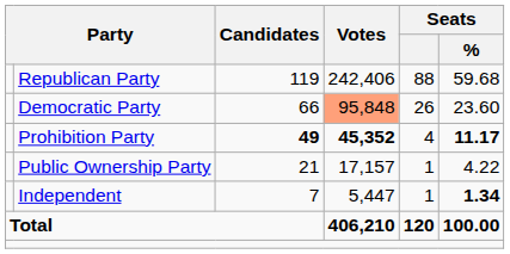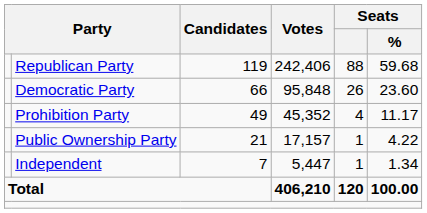 <table class="wikitable">
 <tr>
 <th colspan="2" rowspan="2">Party</th>
 <th rowspan="2">Candidates</th>
 <th colspan="1" rowspan="2">Votes</th>
 <th colspan="2">Seats</th>
 </tr>
 <tr>
 <th></th>
 <th>%</th>
 </tr>
 <tr>
 <td style="background-color:"></td>
 <td><a href='#'>Republican Party</a></td>
 <td align="right">119</td>
 <td align="right">242,406</td>
 <td align="right">88</td>
 <td align="right">59.68</td>
 </tr>
 <tr>
 <td style="background-color:"></td>
 <td><a href='#'>Democratic Party</a></td>
 <td align="right">66</td>
-<td align="right" style="background: lightsalmon;">95,848</td>
+<td align="right">95,848</td>
 <td align="right">26</td>
 <td align="right">23.60</td>
 </tr>
 <tr>
 <td style="background-color:"></td>
 <td><a href='#'>Prohibition Party</a></td>
-<td align="right"><strong>49</strong></td>
-<td align="right"><strong>45,352</strong></td>
+<td align="right">49</td>
+<td align="right">45,352</td>
 <td align="right">4</td>
-<td align="right"><strong>11.17</strong></td>
+<td align="right">11.17</td>
 </tr>
 <tr>
 <td style="background-color:"></td>
 <td><a href='#'>Public Ownership Party</a></td>
 <td align="right">21</td>
 <td align="right">17,157</td>
 <td align="right">1</td>
 <td align="right">4.22</td>
 </tr>
 <tr>
 <td style="background-color:"></td>
 <td><a href='#'>Independent</a></td>
 <td align="right">7</td>
 <td align="right">5,447</td>
 <td align="right">1</td>
-<td align="right"><strong>1.34</strong></td>
+<td align="right">1.34</td>
 </tr>
 <tr>
 <td colspan="3" align="left"><strong>Total</strong></td>
 <td align="right"><strong>406,210</strong></td>
 <td align="right"><strong>120</strong></td>
 <td align="right"><strong>100.00</strong></td>
 </tr>
 <tr>
 <td colspan="6"></td>
 </tr>
 </table>
